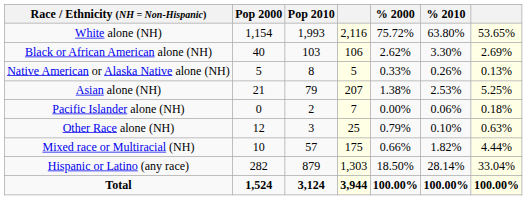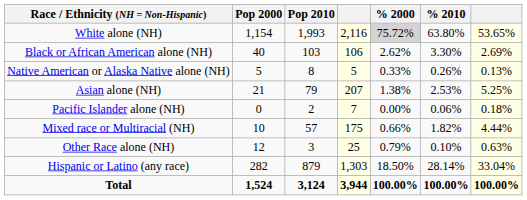 <table class="wikitable" style="text-align:center;">
 <tr>
 <th>Race / Ethnicity <small>(<em>NH = Non-Hispanic</em>)</small></th>
 <th>Pop 2000</th>
 <th>Pop 2010</th>
 <th></th>
 <th>% 2000</th>
 <th>% 2010</th>
 <th></th>
 </tr>
 <tr>
 <td><a href='#'>White</a> alone (NH)</td>
 <td>1,154</td>
 <td>1,993</td>
 <td style='background: #ffffe6;'>2,116</td>
-<td>75.72%</td>
+<td style="background: lightgrey;">75.72%</td>
 <td>63.80%</td>
 <td style='background: #ffffe6;'>53.65%</td>
 </tr>
 <tr>
 <td><a href='#'>Black or African American</a> alone (NH)</td>
 <td>40</td>
 <td>103</td>
 <td style='background: #ffffe6;'>106</td>
 <td>2.62%</td>
 <td>3.30%</td>
 <td style='background: #ffffe6;'>2.69%</td>
 </tr>
 <tr>
 <td><a href='#'>Native American</a> or <a href='#'>Alaska Native</a> alone (NH)</td>
 <td>5</td>
 <td>8</td>
 <td style='background: #ffffe6;'>5</td>
 <td>0.33%</td>
 <td>0.26%</td>
 <td style='background: #ffffe6;'>0.13%</td>
 </tr>
 <tr>
 <td><a href='#'>Asian</a> alone (NH)</td>
 <td>21</td>
 <td>79</td>
 <td style='background: #ffffe6;'>207</td>
 <td>1.38%</td>
 <td>2.53%</td>
 <td style='background: #ffffe6;'>5.25%</td>
 </tr>
 <tr>
 <td><a href='#'>Pacific Islander</a> alone (NH)</td>
 <td>0</td>
 <td>2</td>
 <td style='background: #ffffe6;'>7</td>
 <td>0.00%</td>
 <td>0.06%</td>
 <td style='background: #ffffe6;'>0.18%</td>
 </tr>
 <tr>
+<td><a href='#'>Mixed race or Multiracial</a> (NH)</td>
+<td>10</td>
+<td>57</td>
+<td style='background: #ffffe6;'>175</td>
+<td>0.66%</td>
+<td>1.82%</td>
+<td style='background: #ffffe6;'>4.44%</td>
+</tr>
+<tr>
 <td><a href='#'>Other Race</a> alone (NH)</td>
 <td>12</td>
 <td>3</td>
 <td style='background: #ffffe6;'>25</td>
 <td>0.79%</td>
 <td>0.10%</td>
 <td style='background: #ffffe6;'>0.63%</td>
-</tr>
-<tr>
-<td><a href='#'>Mixed race or Multiracial</a> (NH)</td>
-<td>10</td>
-<td>57</td>
-<td style='background: #ffffe6;'>175</td>
-<td>0.66%</td>
-<td>1.82%</td>
-<td style='background: #ffffe6;'>4.44%</td>
 </tr>
 <tr>
 <td><a href='#'>Hispanic or Latino</a> (any race)</td>
 <td>282</td>
 <td>879</td>
 <td style='background: #ffffe6;'>1,303</td>
 <td>18.50%</td>
 <td>28.14%</td>
 <td style='background: #ffffe6;'>33.04%</td>
 </tr>
 <tr>
 <td><strong>Total</strong></td>
 <td><strong>1,524</strong></td>
 <td><strong>3,124</strong></td>
 <td style='background: #ffffe6;'><strong>3,944</strong></td>
 <td><strong>100.00%</strong></td>
 <td><strong>100.00%</strong></td>
 <td style='background: #ffffe6;'><strong>100.00%</strong></td>
 </tr>
 </table>
